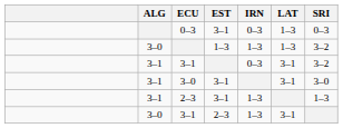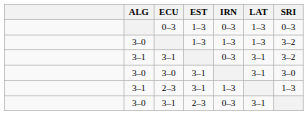 <table class="wikitable" style="text-align:center; font-size:90%">
 <tr>
 <th width="180"> </th>
 <th width="40">ALG</th>
 <th width="40">ECU</th>
 <th width="40">EST</th>
 <th width="40">IRN</th>
 <th width="40">LAT</th>
 <th width="40">SRI</th>
 </tr>
 <tr>
 <td style="text-align:left;"></td>
 <th></th>
 <td>0–3</td>
-<td>3–1</td>
+<td>1–3</td>
 <td>0–3</td>
 <td>1–3</td>
 <td>0–3</td>
 </tr>
 <tr>
 <td style="text-align:left;"></td>
 <td>3–0</td>
 <th></th>
 <td>1–3</td>
 <td>1–3</td>
 <td>1–3</td>
 <td>3–2</td>
 </tr>
 <tr>
 <td style="text-align:left;"></td>
 <td>3–1</td>
 <td>3–1</td>
 <th></th>
 <td>0–3</td>
 <td>3–1</td>
 <td>3–2</td>
 </tr>
 <tr>
 <td style="text-align:left;"></td>
-<td>3–1</td>
+<td>3–0</td>
 <td>3–0</td>
 <td>3–1</td>
 <th></th>
 <td>3–1</td>
 <td>3–0</td>
 </tr>
 <tr>
 <td style="text-align:left;"></td>
 <td>3–1</td>
 <td>2–3</td>
 <td>3–1</td>
 <td>1–3</td>
 <th></th>
 <td>1–3</td>
 </tr>
 <tr>
 <td style="text-align:left;"></td>
 <td>3–0</td>
 <td>3–1</td>
 <td>2–3</td>
-<td>1–3</td>
+<td>0–3</td>
 <td>3–1</td>
 <th></th>
 </tr>
 </table>
